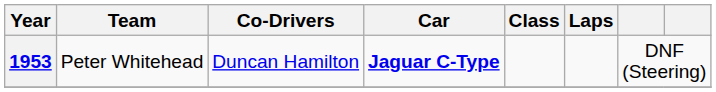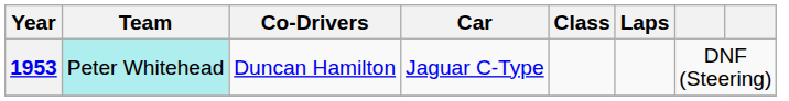 <table class="wikitable" style="text-align:center; font-size:90%">
 <tr>
 <th>Year</th>
 <th>Team</th>
 <th>Co-Drivers</th>
 <th>Car</th>
 <th>Class</th>
 <th>Laps</th>
 <th></th>
 <th></th>
 </tr>
 <tr>
 <th><a href='#'>1953</a></th>
-<td align="left"> Peter Whitehead</td>
+<td align="left" style="background: paleturquoise;"> Peter Whitehead</td>
 <td align="left"> <a href='#'>Duncan Hamilton</a></td>
-<td align="left"><strong><a href='#'>Jaguar C-Type</a></strong></td>
+<td align="left"><a href='#'>Jaguar C-Type</a></td>
 <td></td>
 <td></td>
 <td colspan=2>DNF<br>(Steering)</td>
 </tr>
 <tr>
 </tr>
 </table>
